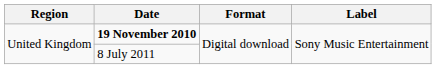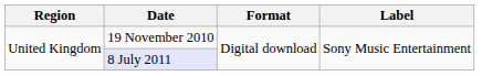 <table class=wikitable>
 <tr>
 <th>Region</th>
 <th>Date</th>
 <th>Format</th>
 <th>Label</th>
 </tr>
 <tr>
 <td rowspan="2">United Kingdom</td>
-<td><strong>19 November 2010</strong></td>
+<td>19 November 2010</td>
 <td rowspan="2">Digital download</td>
 <td rowspan="2">Sony Music Entertainment</td>
 </tr>
 <tr>
-<td>8 July 2011</td>
+<td style="background: lavender;">8 July 2011</td>
 </tr>
 </table>
